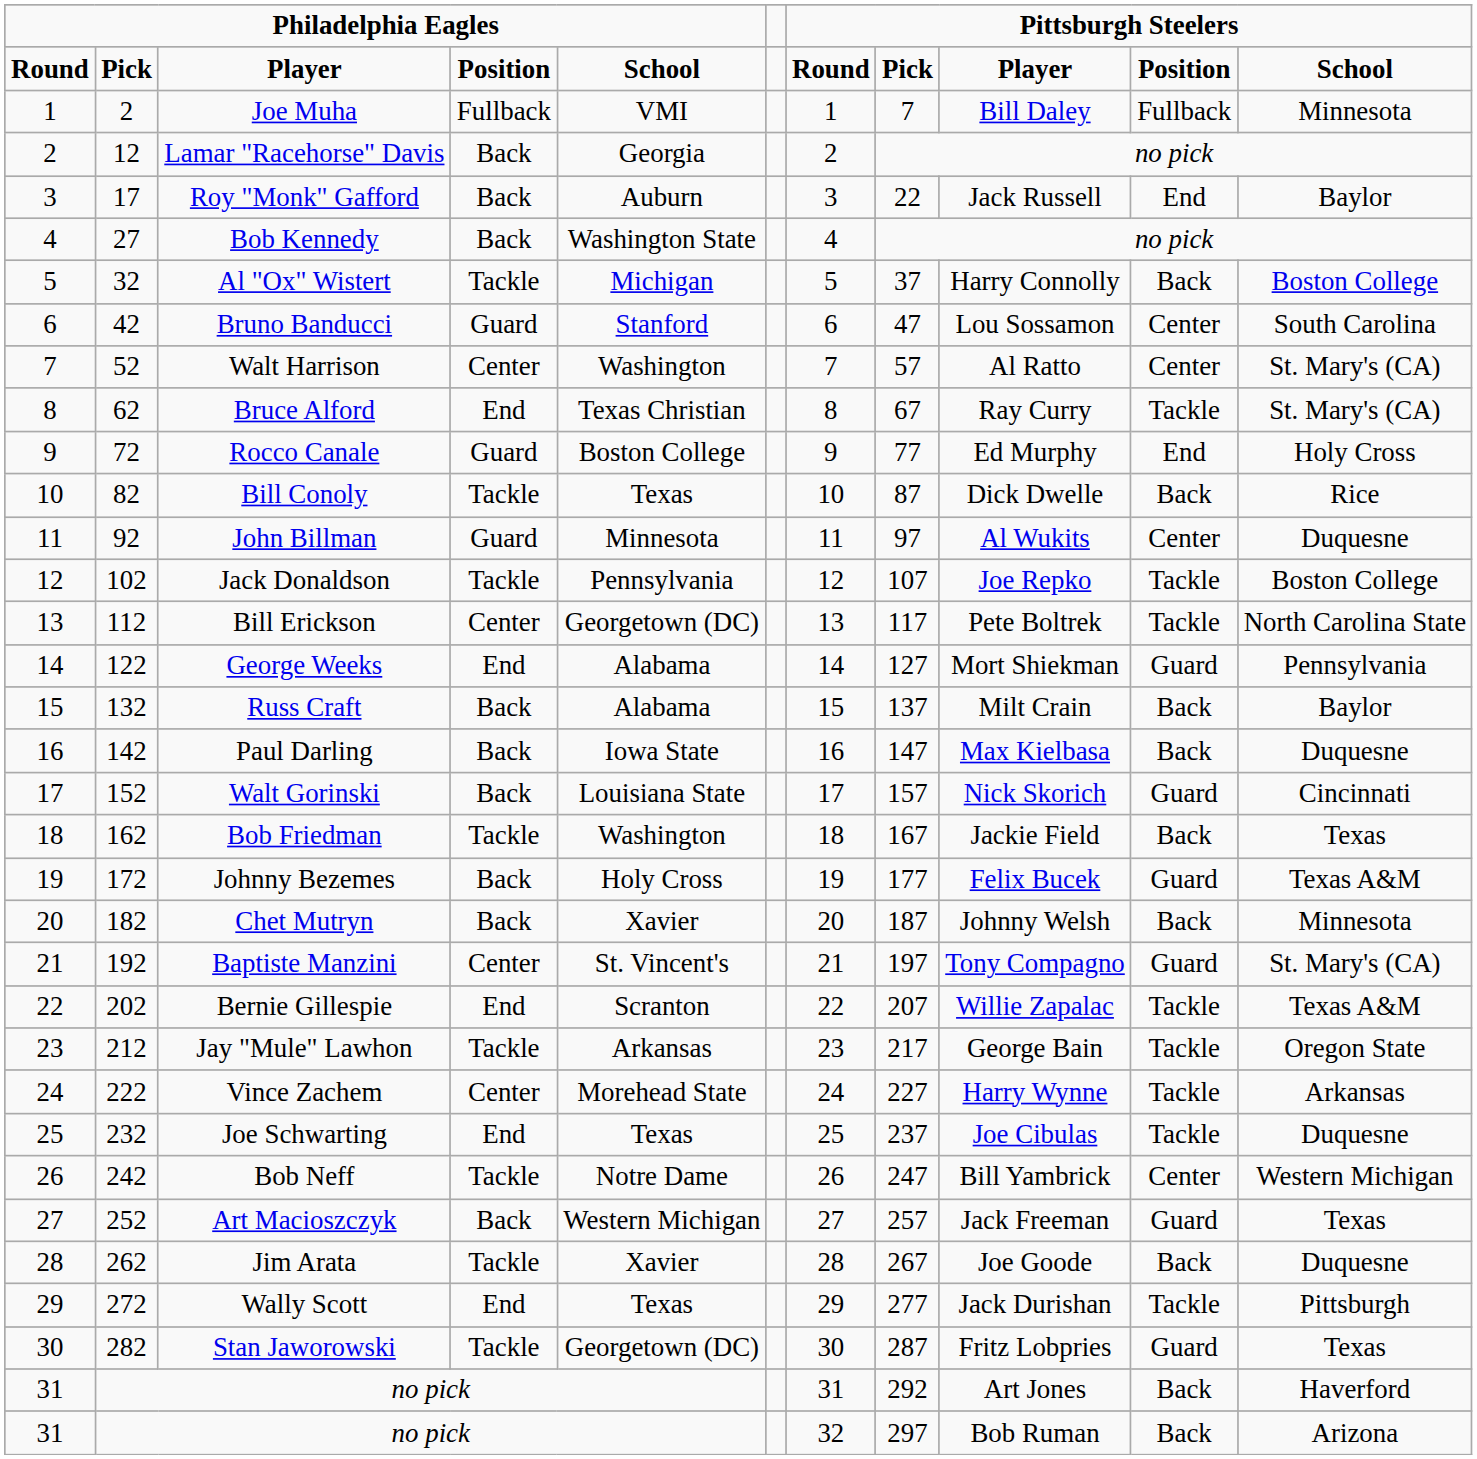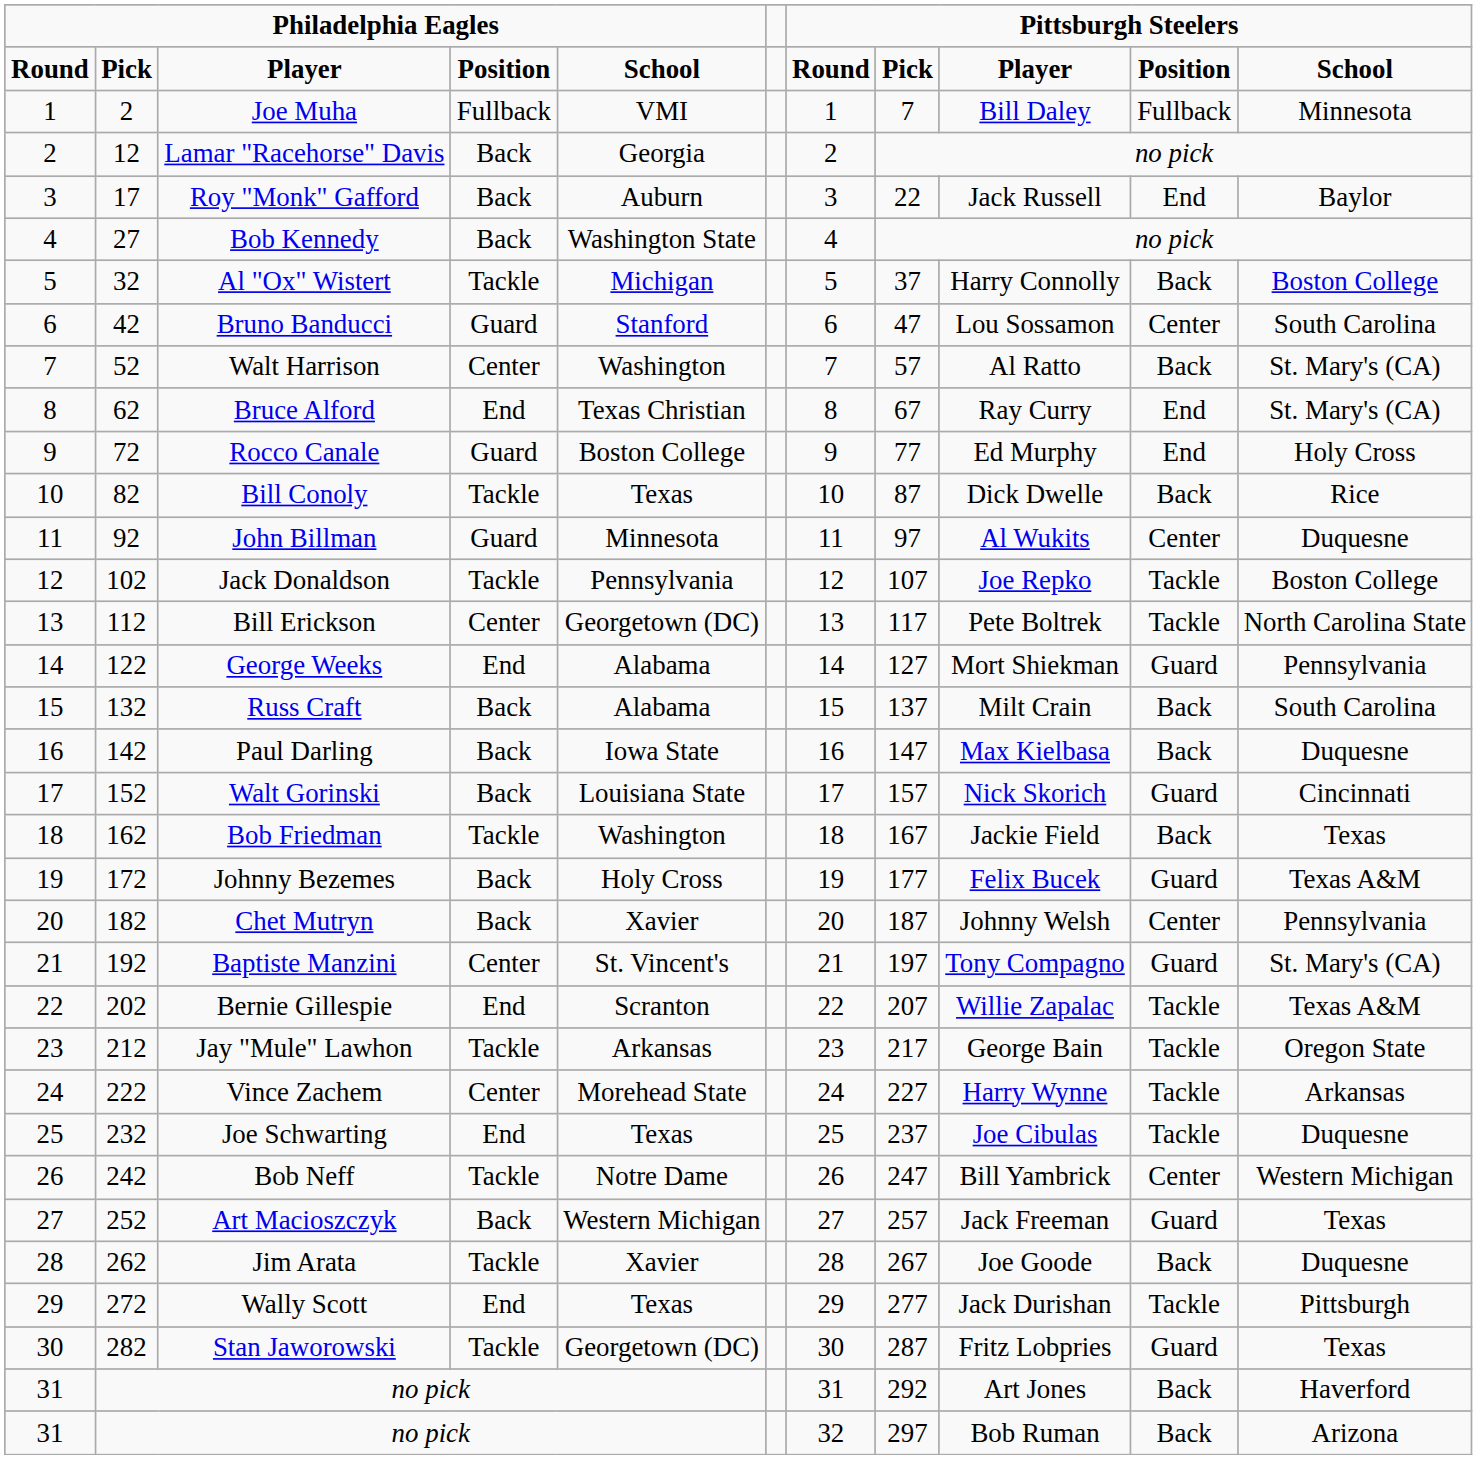 <table class="wikitable">
 <tr align="center">
 <td colspan="5"><strong>Philadelphia Eagles</strong></td>
 <td> </td>
 <td colspan="5"><strong>Pittsburgh Steelers</strong></td>
 </tr>
 <tr align="center" bgcolor"">
 <td><strong>Round</strong></td>
 <td><strong>Pick</strong></td>
 <td><strong>Player</strong></td>
 <td><strong>Position</strong></td>
 <td><strong>School</strong></td>
 <td></td>
 <td><strong>Round</strong></td>
 <td><strong>Pick</strong></td>
 <td><strong>Player</strong></td>
 <td><strong>Position</strong></td>
 <td><strong>School</strong></td>
 </tr>
 <tr align="center" bgcolor="">
 <td>1</td>
 <td>2</td>
 <td><a href='#'>Joe Muha</a></td>
 <td>Fullback</td>
 <td>VMI</td>
 <td></td>
 <td>1</td>
 <td>7</td>
 <td><a href='#'>Bill Daley</a></td>
 <td>Fullback</td>
 <td>Minnesota</td>
 </tr>
 <tr align="center" bgcolor="">
 <td>2</td>
 <td>12</td>
 <td><a href='#'>Lamar "Racehorse" Davis</a></td>
 <td>Back</td>
 <td>Georgia</td>
 <td></td>
 <td>2</td>
 <td colspan="4"><em>no pick</em></td>
 </tr>
 <tr align="center" bgcolor="">
 <td>3</td>
 <td>17</td>
 <td><a href='#'>Roy "Monk" Gafford</a></td>
 <td>Back</td>
 <td>Auburn</td>
 <td></td>
 <td>3</td>
 <td>22</td>
 <td>Jack Russell</td>
 <td>End</td>
 <td>Baylor</td>
 </tr>
 <tr align="center" bgcolor="">
 <td>4</td>
 <td>27</td>
 <td><a href='#'>Bob Kennedy</a></td>
 <td>Back</td>
 <td>Washington State</td>
 <td></td>
 <td>4</td>
 <td colspan="4"><em>no pick</em></td>
 </tr>
 <tr align="center" bgcolor="">
 <td>5</td>
 <td>32</td>
 <td><a href='#'>Al "Ox" Wistert</a></td>
 <td>Tackle</td>
 <td><a href='#'>Michigan</a></td>
 <td></td>
 <td>5</td>
 <td>37</td>
 <td>Harry Connolly</td>
 <td>Back</td>
 <td><a href='#'>Boston College</a></td>
 </tr>
 <tr align="center" bgcolor="">
 <td>6</td>
 <td>42</td>
 <td><a href='#'>Bruno Banducci</a></td>
 <td>Guard</td>
 <td><a href='#'>Stanford</a></td>
 <td></td>
 <td>6</td>
 <td>47</td>
 <td>Lou Sossamon</td>
 <td>Center</td>
 <td>South Carolina</td>
 </tr>
 <tr align="center" bgcolor="">
 <td>7</td>
 <td>52</td>
 <td>Walt Harrison</td>
 <td>Center</td>
 <td>Washington</td>
 <td></td>
 <td>7</td>
 <td>57</td>
 <td>Al Ratto</td>
-<td>Center</td>
+<td>Back</td>
 <td>St. Mary's (CA)</td>
 </tr>
 <tr align="center" bgcolor="">
 <td>8</td>
 <td>62</td>
 <td><a href='#'>Bruce Alford</a></td>
 <td>End</td>
 <td>Texas Christian</td>
 <td></td>
 <td>8</td>
 <td>67</td>
 <td>Ray Curry</td>
-<td>Tackle</td>
+<td>End</td>
 <td>St. Mary's (CA)</td>
 </tr>
 <tr align="center" bgcolor="">
 <td>9</td>
 <td>72</td>
 <td><a href='#'>Rocco Canale</a></td>
 <td>Guard</td>
 <td>Boston College</td>
 <td></td>
 <td>9</td>
 <td>77</td>
 <td>Ed Murphy</td>
 <td>End</td>
 <td>Holy Cross</td>
 </tr>
 <tr align="center" bgcolor="">
 <td>10</td>
 <td>82</td>
 <td><a href='#'>Bill Conoly</a></td>
 <td>Tackle</td>
 <td>Texas</td>
 <td></td>
 <td>10</td>
 <td>87</td>
 <td>Dick Dwelle</td>
 <td>Back</td>
 <td>Rice</td>
 </tr>
 <tr align="center" bgcolor="">
 <td>11</td>
 <td>92</td>
 <td><a href='#'>John Billman</a></td>
 <td>Guard</td>
 <td>Minnesota</td>
 <td></td>
 <td>11</td>
 <td>97</td>
 <td><a href='#'>Al Wukits</a></td>
 <td>Center</td>
 <td>Duquesne</td>
 </tr>
 <tr align="center" bgcolor="">
 <td>12</td>
 <td>102</td>
 <td>Jack Donaldson</td>
 <td>Tackle</td>
 <td>Pennsylvania</td>
 <td></td>
 <td>12</td>
 <td>107</td>
 <td><a href='#'>Joe Repko</a></td>
 <td>Tackle</td>
 <td>Boston College</td>
 </tr>
 <tr align="center" bgcolor="">
 <td>13</td>
 <td>112</td>
 <td>Bill Erickson</td>
 <td>Center</td>
 <td>Georgetown (DC)</td>
 <td></td>
 <td>13</td>
 <td>117</td>
 <td>Pete Boltrek</td>
 <td>Tackle</td>
 <td>North Carolina State</td>
 </tr>
 <tr align="center" bgcolor="">
 <td>14</td>
 <td>122</td>
 <td><a href='#'>George Weeks</a></td>
 <td>End</td>
 <td>Alabama</td>
 <td></td>
 <td>14</td>
 <td>127</td>
 <td>Mort Shiekman</td>
 <td>Guard</td>
 <td>Pennsylvania</td>
 </tr>
 <tr align="center" bgcolor="">
 <td>15</td>
 <td>132</td>
 <td><a href='#'>Russ Craft</a></td>
 <td>Back</td>
 <td>Alabama</td>
 <td></td>
 <td>15</td>
 <td>137</td>
 <td>Milt Crain</td>
 <td>Back</td>
-<td>Baylor</td>
+<td>South Carolina</td>
 </tr>
 <tr align="center" bgcolor="">
 <td>16</td>
 <td>142</td>
 <td>Paul Darling</td>
 <td>Back</td>
 <td>Iowa State</td>
 <td></td>
 <td>16</td>
 <td>147</td>
 <td><a href='#'>Max Kielbasa</a></td>
 <td>Back</td>
 <td>Duquesne</td>
 </tr>
 <tr align="center" bgcolor="">
 <td>17</td>
 <td>152</td>
 <td><a href='#'>Walt Gorinski</a></td>
 <td>Back</td>
 <td>Louisiana State</td>
 <td></td>
 <td>17</td>
 <td>157</td>
 <td><a href='#'>Nick Skorich</a></td>
 <td>Guard</td>
 <td>Cincinnati</td>
 </tr>
 <tr align="center" bgcolor="">
 <td>18</td>
 <td>162</td>
 <td><a href='#'>Bob Friedman</a></td>
 <td>Tackle</td>
 <td>Washington</td>
 <td></td>
 <td>18</td>
 <td>167</td>
 <td>Jackie Field</td>
 <td>Back</td>
 <td>Texas</td>
 </tr>
 <tr align="center" bgcolor="">
 <td>19</td>
 <td>172</td>
 <td>Johnny Bezemes</td>
 <td>Back</td>
 <td>Holy Cross</td>
 <td></td>
 <td>19</td>
 <td>177</td>
 <td><a href='#'>Felix Bucek</a></td>
 <td>Guard</td>
 <td>Texas A&M</td>
 </tr>
 <tr align="center" bgcolor="">
 <td>20</td>
 <td>182</td>
 <td><a href='#'>Chet Mutryn</a></td>
 <td>Back</td>
 <td>Xavier</td>
 <td></td>
 <td>20</td>
 <td>187</td>
 <td>Johnny Welsh</td>
-<td>Back</td>
-<td>Minnesota</td>
+<td>Center</td>
+<td>Pennsylvania</td>
 </tr>
 <tr align="center" bgcolor="">
 <td>21</td>
 <td>192</td>
 <td><a href='#'>Baptiste Manzini</a></td>
 <td>Center</td>
 <td>St. Vincent's</td>
 <td></td>
 <td>21</td>
 <td>197</td>
 <td><a href='#'>Tony Compagno</a></td>
 <td>Guard</td>
 <td>St. Mary's (CA)</td>
 </tr>
 <tr align="center" bgcolor="">
 <td>22</td>
 <td>202</td>
 <td>Bernie Gillespie</td>
 <td>End</td>
 <td>Scranton</td>
 <td></td>
 <td>22</td>
 <td>207</td>
 <td><a href='#'>Willie Zapalac</a></td>
 <td>Tackle</td>
 <td>Texas A&M</td>
 </tr>
 <tr align="center" bgcolor="">
 <td>23</td>
 <td>212</td>
 <td>Jay "Mule" Lawhon</td>
 <td>Tackle</td>
 <td>Arkansas</td>
 <td></td>
 <td>23</td>
 <td>217</td>
 <td>George Bain</td>
 <td>Tackle</td>
 <td>Oregon State</td>
 </tr>
 <tr align="center" bgcolor="">
 <td>24</td>
 <td>222</td>
 <td>Vince Zachem</td>
 <td>Center</td>
 <td>Morehead State</td>
 <td></td>
 <td>24</td>
 <td>227</td>
 <td><a href='#'>Harry Wynne</a></td>
 <td>Tackle</td>
 <td>Arkansas</td>
 </tr>
 <tr align="center" bgcolor="">
 <td>25</td>
 <td>232</td>
 <td>Joe Schwarting</td>
 <td>End</td>
 <td>Texas</td>
 <td></td>
 <td>25</td>
 <td>237</td>
 <td><a href='#'>Joe Cibulas</a></td>
 <td>Tackle</td>
 <td>Duquesne</td>
 </tr>
 <tr align="center" bgcolor="">
 <td>26</td>
 <td>242</td>
 <td>Bob Neff</td>
 <td>Tackle</td>
 <td>Notre Dame</td>
 <td></td>
 <td>26</td>
 <td>247</td>
 <td>Bill Yambrick</td>
 <td>Center</td>
 <td>Western Michigan</td>
 </tr>
 <tr align="center" bgcolor="">
 <td>27</td>
 <td>252</td>
 <td><a href='#'>Art Macioszczyk</a></td>
 <td>Back</td>
 <td>Western Michigan</td>
 <td></td>
 <td>27</td>
 <td>257</td>
 <td>Jack Freeman</td>
 <td>Guard</td>
 <td>Texas</td>
 </tr>
 <tr align="center" bgcolor="">
 <td>28</td>
 <td>262</td>
 <td>Jim Arata</td>
 <td>Tackle</td>
 <td>Xavier</td>
 <td></td>
 <td>28</td>
 <td>267</td>
 <td>Joe Goode</td>
 <td>Back</td>
 <td>Duquesne</td>
 </tr>
 <tr align="center" bgcolor="">
 <td>29</td>
 <td>272</td>
 <td>Wally Scott</td>
 <td>End</td>
 <td>Texas</td>
 <td></td>
 <td>29</td>
 <td>277</td>
 <td>Jack Durishan</td>
 <td>Tackle</td>
 <td>Pittsburgh</td>
 </tr>
 <tr align="center" bgcolor="">
 <td>30</td>
 <td>282</td>
 <td><a href='#'>Stan Jaworowski</a></td>
 <td>Tackle</td>
 <td>Georgetown (DC)</td>
 <td></td>
 <td>30</td>
 <td>287</td>
 <td>Fritz Lobpries</td>
 <td>Guard</td>
 <td>Texas</td>
 </tr>
 <tr align="center" bgcolor="">
 <td>31</td>
 <td colspan="4"><em>no pick</em></td>
 <td></td>
 <td>31</td>
 <td>292</td>
 <td>Art Jones</td>
 <td>Back</td>
 <td>Haverford</td>
 </tr>
 <tr align="center" bgcolor="">
 <td>31</td>
 <td colspan="4"><em>no pick</em></td>
 <td></td>
 <td>32</td>
 <td>297</td>
 <td>Bob Ruman</td>
 <td>Back</td>
 <td>Arizona</td>
 </tr>
 </table>
